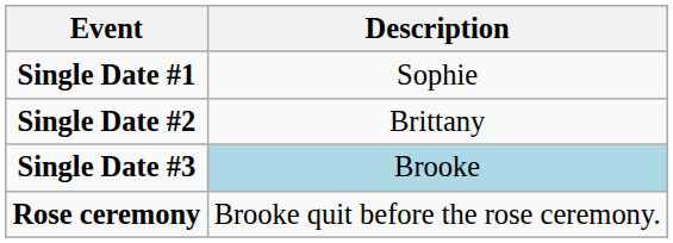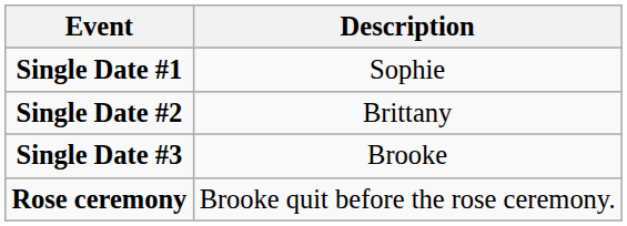 <table class="wikitable sortable" style="text-align:center;">
 <tr>
 <th>Event</th>
 <th>Description</th>
 </tr>
 <tr>
 <td><strong>Single Date #1</strong></td>
 <td>Sophie</td>
 </tr>
 <tr>
 <td><strong>Single Date #2</strong></td>
 <td>Brittany</td>
 </tr>
 <tr>
 <td><strong>Single Date #3</strong></td>
-<td style="background: lightblue;">Brooke</td>
+<td>Brooke</td>
 </tr>
 <tr>
 <td><strong>Rose ceremony</strong></td>
 <td>Brooke quit before the rose ceremony.</td>
 </tr>
 </table>
